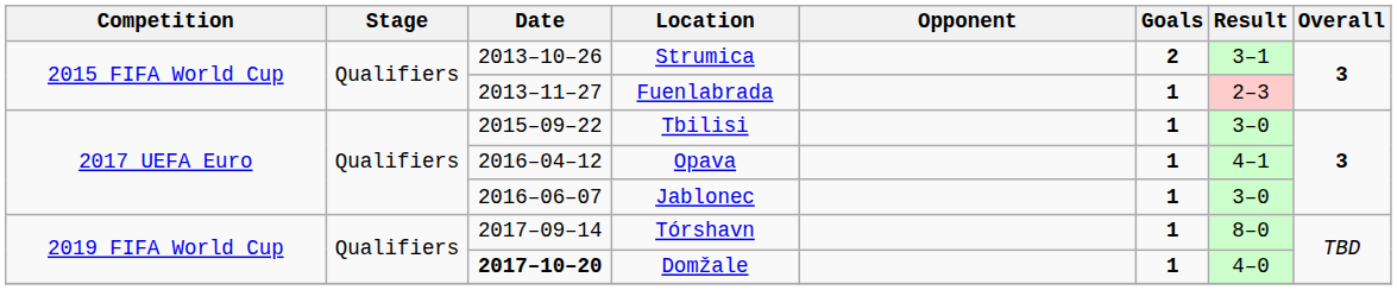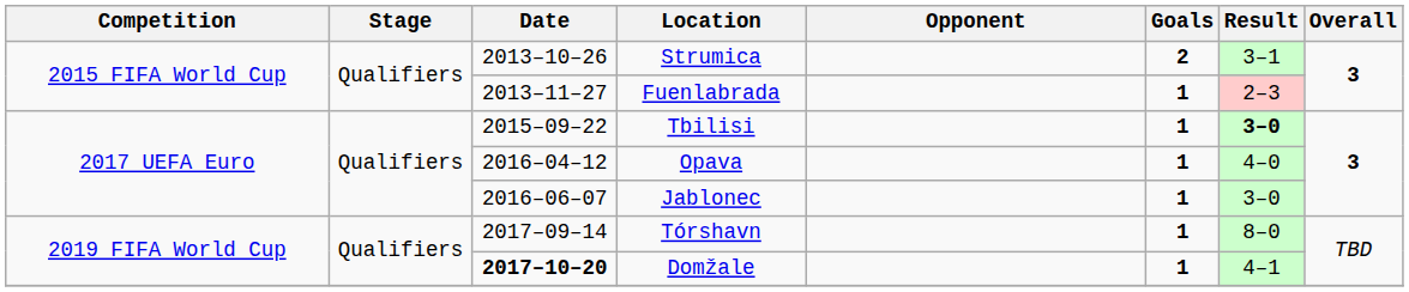 <table class="wikitable" style="font-size:90%">
 <tr>
 <th width=175px>Competition</th>
 <th width=75px>Stage</th>
 <th width=75px>Date</th>
 <th width=100px>Location</th>
 <th width=185px>Opponent</th>
 <th width=25px>Goals</th>
 <th width=25>Result</th>
 <th width=25px>Overall</th>
 </tr>
 <tr align=center>
 <td rowspan=2><a href='#'>2015 FIFA World Cup</a></td>
 <td rowspan=2>Qualifiers</td>
 <td>2013–10–26</td>
 <td><a href='#'>Strumica</a></td>
 <td align=left></td>
 <td><strong>2</strong></td>
 <td bgcolor=#CCFFCC>3–1</td>
 <td rowspan=2><strong>3</strong></td>
 </tr>
 <tr align=center>
 <td>2013–11–27</td>
 <td><a href='#'>Fuenlabrada</a></td>
 <td align=left></td>
 <td><strong>1</strong></td>
 <td bgcolor=#FFCCCC>2–3</td>
 </tr>
 <tr align=center>
 <td rowspan=3><a href='#'>2017 UEFA Euro</a></td>
 <td rowspan=3>Qualifiers</td>
 <td>2015–09–22</td>
 <td><a href='#'>Tbilisi</a></td>
 <td align=left></td>
 <td><strong>1</strong></td>
-<td bgcolor=#CCFFCC>3–0</td>
+<td bgcolor=#CCFFCC><strong>3–0</strong></td>
 <td rowspan=3><strong>3</strong></td>
 </tr>
 <tr align=center>
 <td>2016–04–12</td>
 <td><a href='#'>Opava</a></td>
 <td align=left></td>
 <td><strong>1</strong></td>
-<td bgcolor=#CCFFCC>4–1</td>
+<td bgcolor=#CCFFCC>4–0</td>
 </tr>
 <tr align=center>
 <td>2016–06–07</td>
 <td><a href='#'>Jablonec</a></td>
 <td align=left></td>
 <td><strong>1</strong></td>
 <td bgcolor=#CCFFCC>3–0</td>
 </tr>
 <tr align=center>
 <td rowspan=2><a href='#'>2019 FIFA World Cup</a></td>
 <td rowspan=2>Qualifiers</td>
 <td>2017–09–14</td>
 <td><a href='#'>Tórshavn</a></td>
 <td align=left></td>
 <td><strong>1</strong></td>
 <td bgcolor=#CCFFCC>8–0</td>
 <td rowspan=2><em>TBD</em></td>
 </tr>
 <tr align=center>
 <td><strong>2017–10–20</strong></td>
 <td><a href='#'>Domžale</a></td>
 <td align=left></td>
 <td><strong>1</strong></td>
-<td bgcolor=#CCFFCC>4–0</td>
+<td bgcolor=#CCFFCC>4–1</td>
 </tr>
 <tr>
 </tr>
 </table>
